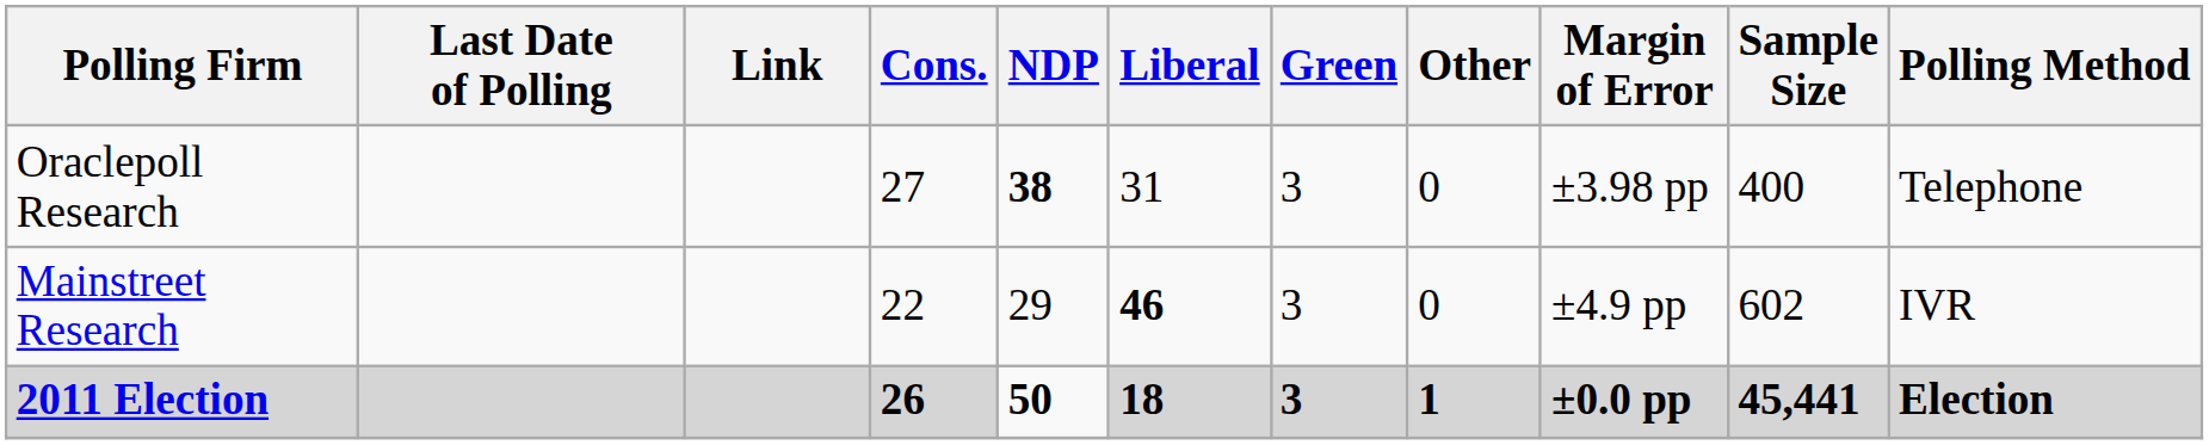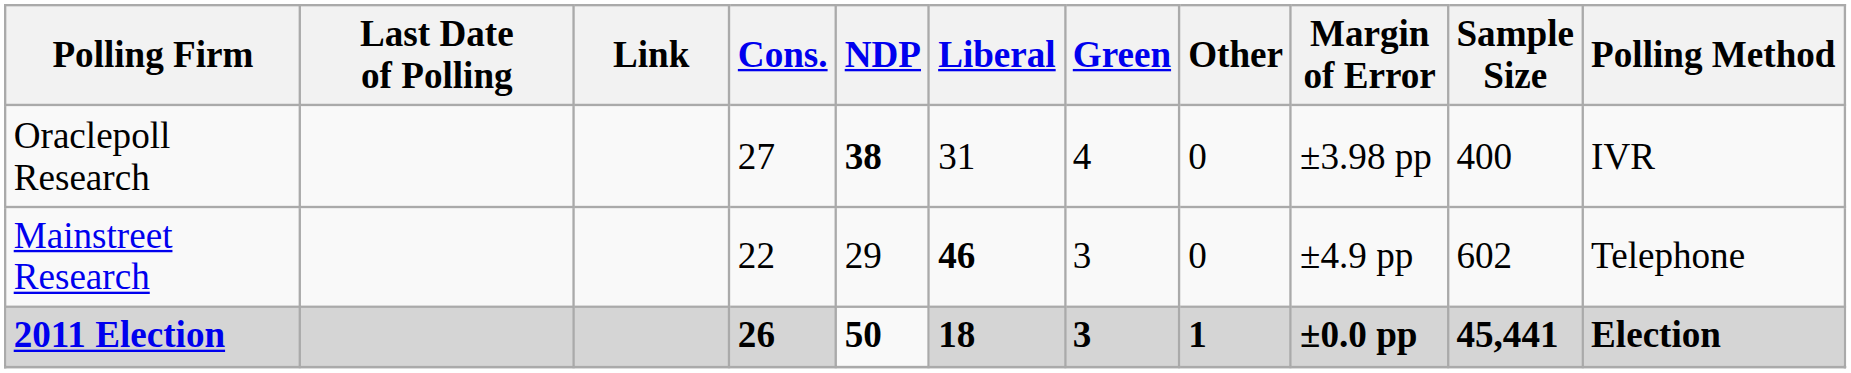 <table class="wikitable sortable">
 <tr style="background:#e9e9e9;">
 <th style="width:120px">Polling Firm</th>
 <th style="width:110px">Last Date<br>of Polling</th>
 <th style="width:60px" class="unsortable">Link</th>
 <th style="background-color:"><strong><a href='#'>Cons.</a></strong></th>
 <th style="background-color:"><strong><a href='#'>NDP</a></strong></th>
 <th style="background-color:"><strong><a href='#'>Liberal</a></strong></th>
 <th style="background-color:"><strong><a href='#'>Green</a></strong></th>
 <th style="background-color:"><strong>Other</strong></th>
 <th style="width:60px;" class=unsortable>Margin<br>of Error</th>
 <th style="width:50px;" class=unsortable>Sample<br>Size</th>
 <th class=unsortable>Polling Method</th>
 </tr>
 <tr>
 <td>Oraclepoll Research</td>
 <td></td>
 <td></td>
 <td>27</td>
 <td><strong>38</strong></td>
 <td>31</td>
-<td>3</td>
+<td>4</td>
 <td>0</td>
 <td>±3.98 pp</td>
 <td>400</td>
-<td>Telephone</td>
+<td>IVR</td>
 </tr>
 <tr>
 <td><a href='#'>Mainstreet Research</a></td>
 <td></td>
 <td></td>
 <td>22</td>
 <td>29</td>
 <td><strong>46</strong></td>
 <td>3</td>
 <td>0</td>
 <td>±4.9 pp</td>
 <td>602</td>
-<td>IVR</td>
+<td>Telephone</td>
 </tr>
 <tr>
 <td style="background:#D5D5D5"><strong><a href='#'>2011 Election</a></strong></td>
 <td style="background:#D5D5D5"><strong></strong></td>
 <td style="background:#D5D5D5"></td>
 <td style="background:#D5D5D5"><strong>26</strong></td>
 <td><strong>50</strong></td>
 <td style="background:#D5D5D5"><strong>18</strong></td>
 <td style="background:#D5D5D5"><strong>3</strong></td>
 <td style="background:#D5D5D5"><strong>1</strong></td>
 <td style="background:#D5D5D5"><strong>±0.0 pp</strong></td>
 <td style="background:#D5D5D5"><strong>45,441</strong></td>
 <td style="background:#D5D5D5"><strong>Election</strong></td>
 </tr>
 <tr>
 </tr>
 <tr>
 </tr>
 </table>
